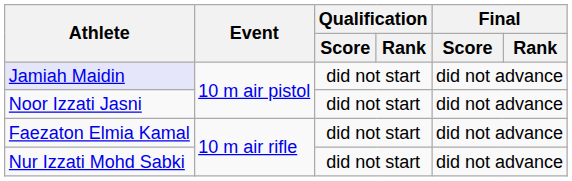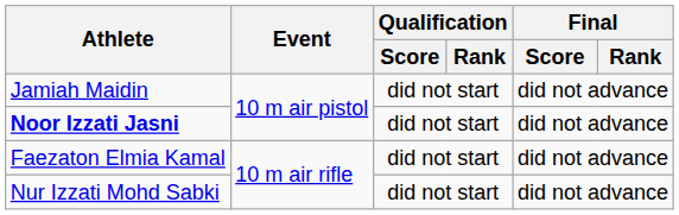 <table class=wikitable style="text-align:center; font-size:90%">
 <tr>
 <th rowspan=2>Athlete</th>
 <th rowspan=2>Event</th>
 <th colspan=2>Qualification</th>
 <th colspan=2>Final</th>
 </tr>
 <tr>
 <th>Score</th>
 <th>Rank</th>
 <th>Score</th>
 <th>Rank</th>
 </tr>
 <tr>
-<td align=left style="background: lavender;"><a href='#'>Jamiah Maidin</a></td>
+<td align=left><a href='#'>Jamiah Maidin</a></td>
 <td align=left rowspan=2><a href='#'>10 m air pistol</a></td>
 <td colspan=2>did not start</td>
 <td colspan=2>did not advance</td>
 </tr>
 <tr>
-<td align=left><a href='#'>Noor Izzati Jasni</a></td>
+<td align=left><strong><a href='#'>Noor Izzati Jasni</a></strong></td>
 <td colspan=2>did not start</td>
 <td colspan=2>did not advance</td>
 </tr>
 <tr>
 <td align=left><a href='#'>Faezaton Elmia Kamal</a></td>
 <td align=left rowspan=2><a href='#'>10 m air rifle</a></td>
 <td colspan=2>did not start</td>
 <td colspan=2>did not advance</td>
 </tr>
 <tr>
 <td align=left><a href='#'>Nur Izzati Mohd Sabki</a></td>
 <td colspan=2>did not start</td>
 <td colspan=2>did not advance</td>
 </tr>
 </table>
